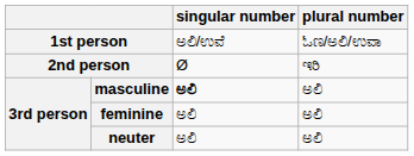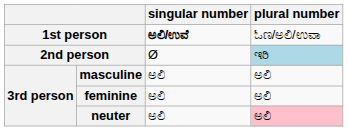 <table class="wikitable">
 <tr>
 <th colspan="2"></th>
 <th>singular number</th>
 <th>plural number</th>
 </tr>
 <tr>
 <th colspan="2">1st person</th>
-<td>ಅಲಿ/ಉವೆ</td>
+<td><strong>ಅಲಿ/ಉವೆ</strong></td>
 <td>ಓಣ/ಅಲಿ/ಉವಾ</td>
 </tr>
 <tr>
 <th colspan="2">2nd person</th>
 <td>Ø</td>
-<td>ಇರಿ</td>
+<td style="background: lightblue;">ಇರಿ</td>
 </tr>
 <tr>
 <th rowspan="3">3rd person</th>
 <th>masculine</th>
-<td><strong>ಅಲಿ</strong></td>
+<td>ಅಲಿ</td>
 <td>ಅಲಿ</td>
 </tr>
 <tr>
 <th>feminine</th>
 <td>ಅಲಿ</td>
 <td>ಅಲಿ</td>
 </tr>
 <tr>
 <th>neuter</th>
 <td>ಅಲಿ</td>
-<td>ಅಲಿ</td>
+<td style="background: pink;">ಅಲಿ</td>
 </tr>
 </table>
